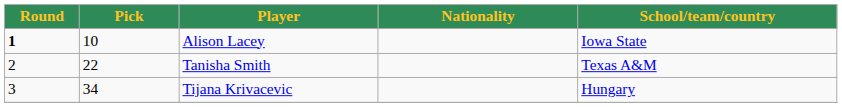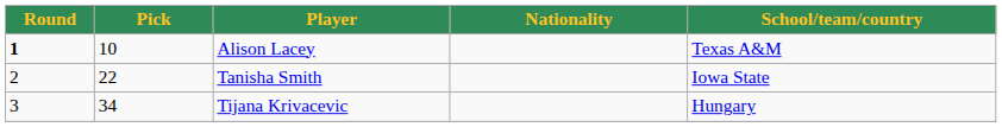 <table class="wikitable">
 <tr>
 <th style="background:#2E8B57; color:#FFC322;" width="2%">Round</th>
 <th style="background:#2E8B57; color:#FFC322;" width="5%">Pick</th>
 <th style="background:#2E8B57; color:#FFC322;" width="10%">Player</th>
 <th style="background:#2E8B57; color:#FFC322;" width="10%">Nationality</th>
 <th style="background:#2E8B57; color:#FFC322;" width="10%">School/team/country</th>
 </tr>
 <tr>
 <td><strong>1</strong></td>
 <td>10</td>
 <td><a href='#'>Alison Lacey</a></td>
 <td></td>
-<td><a href='#'>Iowa State</a></td>
+<td><a href='#'>Texas A&M</a></td>
 </tr>
 <tr>
 <td>2</td>
 <td>22</td>
 <td><a href='#'>Tanisha Smith</a></td>
 <td></td>
-<td><a href='#'>Texas A&M</a></td>
+<td><a href='#'>Iowa State</a></td>
 </tr>
 <tr>
 <td>3</td>
 <td>34</td>
 <td><a href='#'>Tijana Krivacevic</a></td>
 <td></td>
 <td><a href='#'>Hungary</a></td>
 </tr>
 <tr>
 </tr>
 </table>
